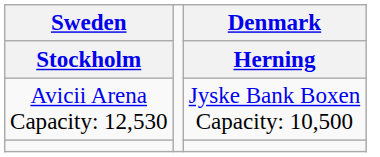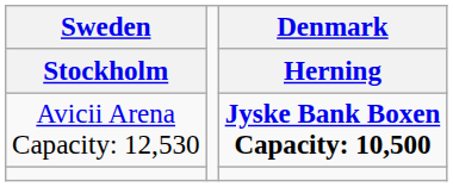 <table class="wikitable" style="text-align:center;">
 <tr>
 <th> <a href='#'>Sweden</a></th>
 <td rowspan="4"></td>
 <th> <a href='#'>Denmark</a></th>
 </tr>
 <tr>
 <th><a href='#'>Stockholm</a></th>
 <th><a href='#'>Herning</a></th>
 </tr>
 <tr>
 <td><a href='#'>Avicii Arena</a><br>Capacity: 12,530</td>
-<td><a href='#'>Jyske Bank Boxen</a><br>Capacity: 10,500</td>
+<td><strong><a href='#'>Jyske Bank Boxen</a><br>Capacity: 10,500</strong></td>
 </tr>
 <tr>
 <td></td>
 <td></td>
 </tr>
 </table>
